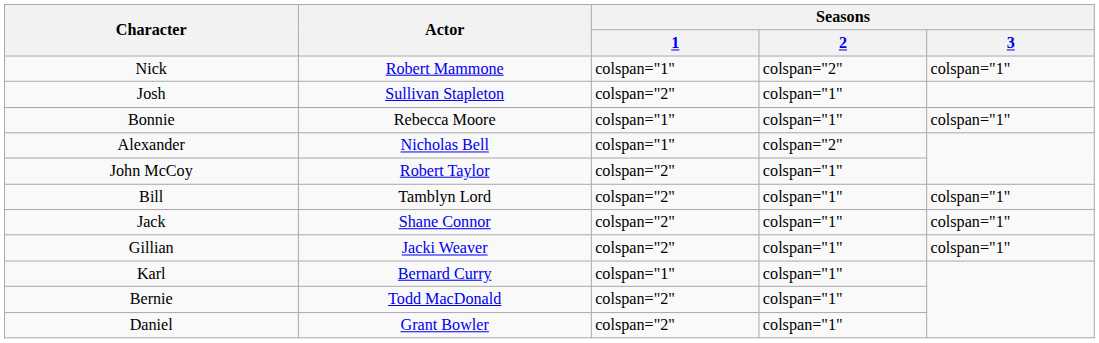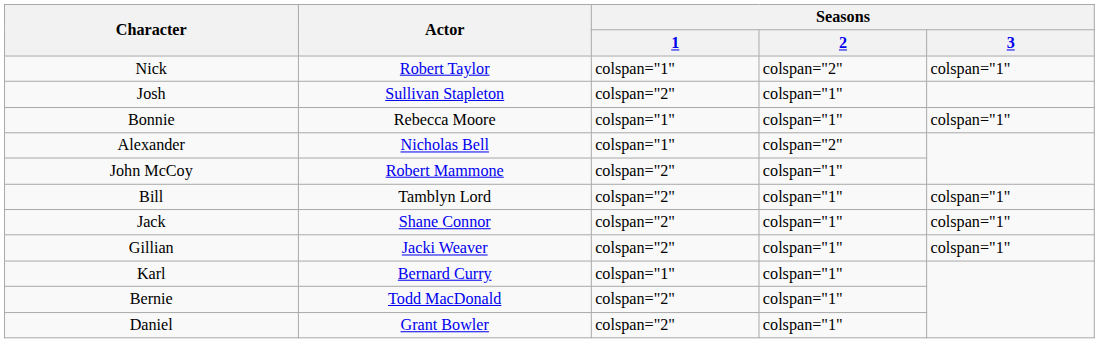 <table class="wikitable plainrowheaders">
 <tr>
 <th scope="col" rowspan="2" style="width:14%;">Character</th>
 <th scope="col" rowspan="2" style="width:14%;">Actor</th>
 <th scope="col" colspan="3">Seasons</th>
 </tr>
 <tr>
 <th scope="col" style="width:8%;"><a href='#'>1</a></th>
 <th scope="col" style="width:8%;"><a href='#'>2</a></th>
 <th scope="col" style="width:8%;"><a href='#'>3</a></th>
 </tr>
 <tr>
 <td style="text-align:center;">Nick</td>
-<td style="text-align:center;"><a href='#'>Robert Mammone</a></td>
+<td style="text-align:center;"><a href='#'>Robert Taylor</a></td>
 <td>colspan="1" </td>
 <td>colspan="2" </td>
 <td>colspan="1" </td>
 </tr>
 <tr>
 <td style="text-align:center;">Josh</td>
 <td style="text-align:center;"><a href='#'>Sullivan Stapleton</a></td>
 <td>colspan="2" </td>
 <td>colspan="1" </td>
 </tr>
 <tr>
 <td style="text-align:center;">Bonnie</td>
 <td style="text-align:center;">Rebecca Moore</td>
 <td>colspan="1" </td>
 <td>colspan="1" </td>
 <td>colspan="1" </td>
 </tr>
 <tr>
 <td style="text-align:center;">Alexander</td>
 <td style="text-align:center;"><a href='#'>Nicholas Bell</a></td>
 <td>colspan="1" </td>
 <td>colspan="2" </td>
 </tr>
 <tr>
 <td style="text-align:center;">John McCoy</td>
-<td style="text-align:center;"><a href='#'>Robert Taylor</a></td>
+<td style="text-align:center;"><a href='#'>Robert Mammone</a></td>
 <td>colspan="2" </td>
 <td>colspan="1" </td>
 </tr>
 <tr>
 <td style="text-align:center;">Bill</td>
 <td style="text-align:center;">Tamblyn Lord</td>
 <td>colspan="2" </td>
 <td>colspan="1" </td>
 <td>colspan="1" </td>
 </tr>
 <tr>
 <td style="text-align:center;">Jack</td>
 <td style="text-align:center;"><a href='#'>Shane Connor</a></td>
 <td>colspan="2" </td>
 <td>colspan="1" </td>
 <td>colspan="1" </td>
 </tr>
 <tr>
 <td style="text-align:center;">Gillian</td>
 <td style="text-align:center;"><a href='#'>Jacki Weaver</a></td>
 <td>colspan="2" </td>
 <td>colspan="1" </td>
 <td>colspan="1" </td>
 </tr>
 <tr>
 <td style="text-align:center;">Karl</td>
 <td style="text-align:center;"><a href='#'>Bernard Curry</a></td>
 <td>colspan="1" </td>
 <td>colspan="1" </td>
 </tr>
 <tr>
 <td style="text-align:center;">Bernie</td>
 <td style="text-align:center;"><a href='#'>Todd MacDonald</a></td>
 <td>colspan="2" </td>
 <td>colspan="1" </td>
 </tr>
 <tr>
 <td style="text-align:center;">Daniel</td>
 <td style="text-align:center;"><a href='#'>Grant Bowler</a></td>
 <td>colspan="2" </td>
 <td>colspan="1" </td>
 </tr>
 </table>
